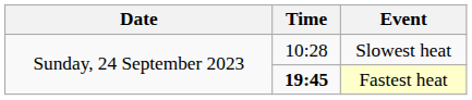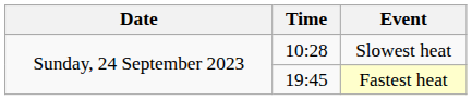 <table class = "wikitable" style="text-align:center;">
 <tr>
 <th width=220>Date</th>
 <th width=50>Time</th>
 <th width=100>Event</th>
 </tr>
 <tr>
 <td rowspan=2>Sunday, 24 September 2023</td>
 <td>10:28</td>
 <td>Slowest heat</td>
 </tr>
 <tr>
-<td><strong>19:45</strong></td>
+<td>19:45</td>
 <td bgcolor=ffffcc>Fastest heat</td>
 </tr>
 </table>
